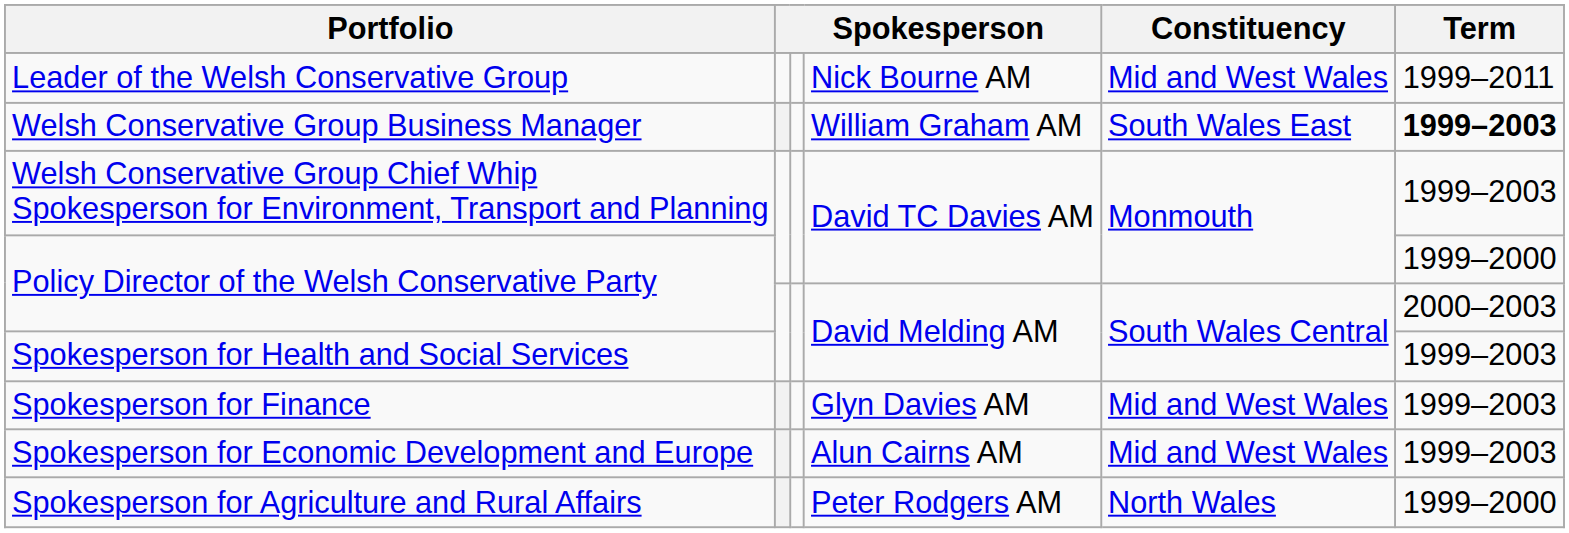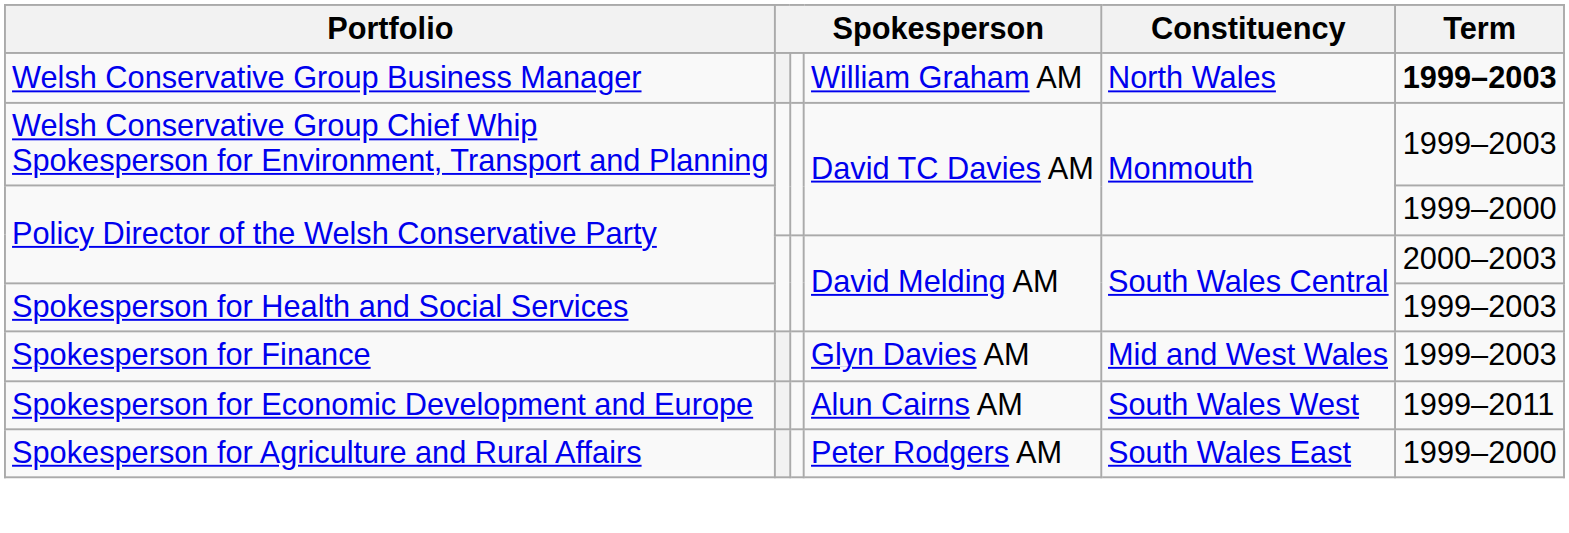 <table class="wikitable">
 <tr>
 <th colspan="1">Portfolio</th>
 <th colspan="3">Spokesperson</th>
 <th colspan="1">Constituency</th>
 <th colspan="1">Term</th>
 </tr>
 <tr>
-<td><a href='#'>Leader of the Welsh Conservative Group</a></td>
-<td style="background: "></td>
-<td></td>
-<td><a href='#'>Nick Bourne</a> AM</td>
-<td><a href='#'>Mid and West Wales</a></td>
-<td>1999–2011</td>
-</tr>
-<tr>
 <td><a href='#'>Welsh Conservative Group Business Manager</a></td>
 <th style="background-color: "></th>
 <td></td>
 <td><a href='#'>William Graham</a> AM</td>
-<td><a href='#'>South Wales East</a></td>
+<td><a href='#'>North Wales</a></td>
 <td><strong>1999–2003</strong></td>
 </tr>
 <tr>
 <td><a href='#'>Welsh Conservative Group Chief Whip</a><br><a href='#'>Spokesperson for Environment, Transport and Planning</a></td>
 <td rowspan="2" style="background: "></td>
 <td rowspan="2"></td>
 <td rowspan="2"><a href='#'>David TC Davies</a> AM</td>
 <td rowspan="2"><a href='#'>Monmouth</a></td>
 <td>1999–2003</td>
 </tr>
 <tr>
 <td rowspan="2"><a href='#'>Policy Director of the Welsh Conservative Party</a></td>
 <td>1999–2000</td>
 </tr>
 <tr>
 <td rowspan="2" style="background-color: "></td>
 <td rowspan="2"></td>
 <td rowspan="2"><a href='#'>David Melding</a> AM</td>
 <td rowspan="2"><a href='#'>South Wales Central</a></td>
 <td>2000–2003</td>
 </tr>
 <tr>
 <td><a href='#'>Spokesperson for Health and Social Services</a></td>
 <td>1999–2003</td>
 </tr>
 <tr>
 <td><a href='#'>Spokesperson for Finance</a></td>
 <th style="background-color: "></th>
 <td></td>
 <td><a href='#'>Glyn Davies</a> AM</td>
 <td><a href='#'>Mid and West Wales</a></td>
 <td>1999–2003</td>
 </tr>
 <tr>
 <td><a href='#'>Spokesperson for Economic Development and Europe</a></td>
 <th style="background-color: "></th>
 <td></td>
 <td><a href='#'>Alun Cairns</a> AM</td>
-<td><a href='#'>Mid and West Wales</a></td>
-<td>1999–2003</td>
+<td><a href='#'>South Wales West</a></td>
+<td>1999–2011</td>
 </tr>
 <tr>
 <td><a href='#'>Spokesperson for Agriculture and Rural Affairs</a></td>
 <th style="background-color: "></th>
 <td></td>
 <td><a href='#'>Peter Rodgers</a> AM</td>
-<td><a href='#'>North Wales</a></td>
+<td><a href='#'>South Wales East</a></td>
 <td>1999–2000</td>
 </tr>
 </table>
